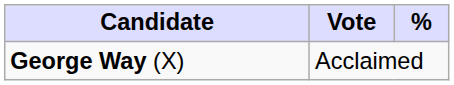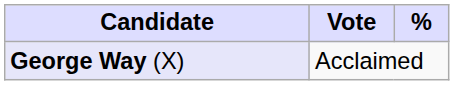 <table class="wikitable">
 <tr>
 <th style="background:#ddf; width:200px;">Candidate</th>
 <th style="background:#ddf; width:50px;">Vote</th>
 <th style="background:#ddf; width:30px;">%</th>
 </tr>
 <tr>
-<td><strong>George Way</strong> (X)</td>
+<td style="background: lavender;"><strong>George Way</strong> (X)</td>
 <td colspan="2">Acclaimed</td>
 </tr>
 </table>
